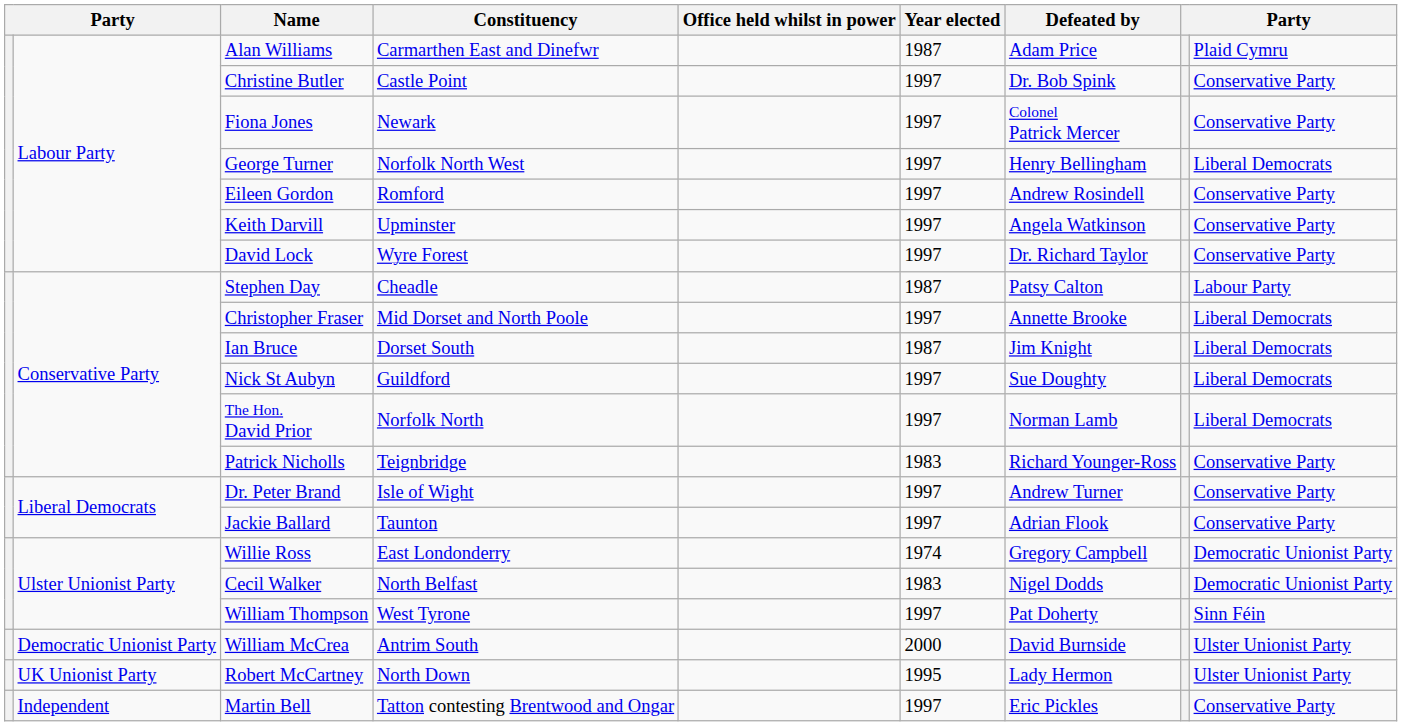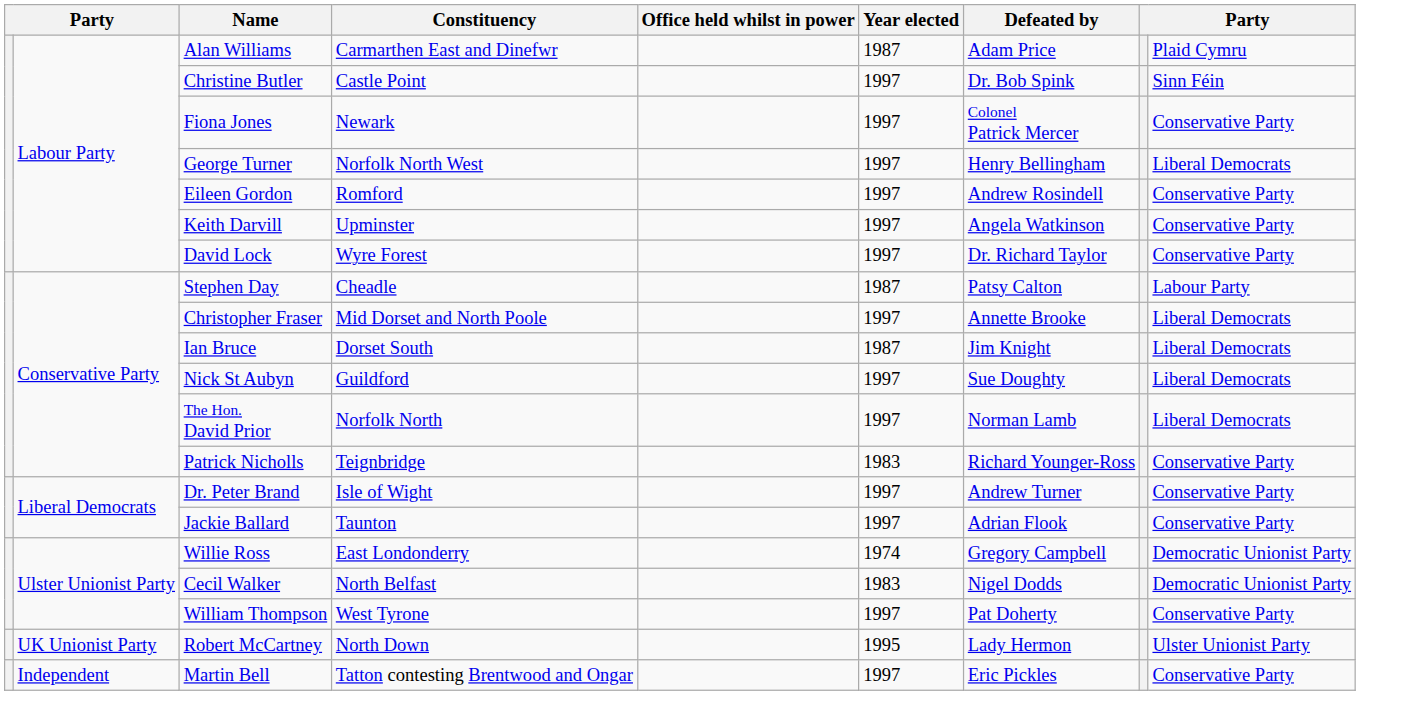 <table class="wikitable sortable" style="font-size: 95%;">
 <tr>
 <th colspan=2>Party</th>
 <th>Name</th>
 <th>Constituency</th>
 <th>Office held whilst in power</th>
 <th>Year elected</th>
 <th>Defeated by</th>
 <th colspan=2>Party</th>
 </tr>
 <tr>
 <th rowspan=7 style="background-color: "></th>
 <td rowspan=7><a href='#'>Labour Party</a></td>
 <td><a href='#'>Alan Williams</a></td>
 <td><a href='#'>Carmarthen East and Dinefwr</a></td>
 <td></td>
 <td>1987</td>
 <td><a href='#'>Adam Price</a></td>
 <th rowspan=1 style="background-color: "></th>
 <td><a href='#'>Plaid Cymru</a></td>
 </tr>
 <tr>
 <td><a href='#'>Christine Butler</a></td>
 <td><a href='#'>Castle Point</a></td>
 <td></td>
 <td>1997</td>
 <td><a href='#'>Dr. Bob Spink</a></td>
 <th rowspan=1 style="background-color: "></th>
-<td><a href='#'>Conservative Party</a></td>
+<td><a href='#'>Sinn Féin</a></td>
 </tr>
 <tr>
 <td><a href='#'>Fiona Jones</a></td>
 <td><a href='#'>Newark</a></td>
 <td></td>
 <td>1997</td>
 <td><small><a href='#'>Colonel</a></small><br> <a href='#'>Patrick Mercer</a></td>
 <th rowspan=1 style="background-color: "></th>
 <td><a href='#'>Conservative Party</a></td>
 </tr>
 <tr>
 <td><a href='#'>George Turner</a></td>
 <td><a href='#'>Norfolk North West</a></td>
 <td></td>
 <td>1997</td>
 <td><a href='#'>Henry Bellingham</a></td>
 <th rowspan=1 style="background-color: "></th>
 <td><a href='#'>Liberal Democrats</a></td>
 </tr>
 <tr>
 <td><a href='#'>Eileen Gordon</a></td>
 <td><a href='#'>Romford</a></td>
 <td></td>
 <td>1997</td>
 <td><a href='#'>Andrew Rosindell</a></td>
 <th rowspan=1 style="background-color: "></th>
 <td><a href='#'>Conservative Party</a></td>
 </tr>
 <tr>
 <td><a href='#'>Keith Darvill</a></td>
 <td><a href='#'>Upminster</a></td>
 <td></td>
 <td>1997</td>
 <td><a href='#'>Angela Watkinson</a></td>
 <th rowspan=1 style="background-color: "></th>
 <td><a href='#'>Conservative Party</a></td>
 </tr>
 <tr>
 <td><a href='#'>David Lock</a></td>
 <td><a href='#'>Wyre Forest</a></td>
 <td></td>
 <td>1997</td>
 <td><a href='#'>Dr. Richard Taylor</a></td>
 <th rowspan=1 style="background-color: "></th>
 <td><a href='#'>Conservative Party</a></td>
 </tr>
 <tr>
 <th rowspan=6 style="background-color: "></th>
 <td rowspan=6><a href='#'>Conservative Party</a></td>
 <td><a href='#'>Stephen Day</a></td>
 <td><a href='#'>Cheadle</a></td>
 <td></td>
 <td>1987</td>
 <td><a href='#'>Patsy Calton</a></td>
 <th rowspan=1 style="background-color: "></th>
 <td><a href='#'>Labour Party</a></td>
 </tr>
 <tr>
 <td><a href='#'>Christopher Fraser</a></td>
 <td><a href='#'>Mid Dorset and North Poole</a></td>
 <td></td>
 <td>1997</td>
 <td><a href='#'>Annette Brooke</a></td>
 <th rowspan=1 style="background-color: "></th>
 <td><a href='#'>Liberal Democrats</a></td>
 </tr>
 <tr>
 <td><a href='#'>Ian Bruce</a></td>
 <td><a href='#'>Dorset South</a></td>
 <td></td>
 <td>1987</td>
 <td><a href='#'>Jim Knight</a></td>
 <th rowspan=1 style="background-color: "></th>
 <td><a href='#'>Liberal Democrats</a></td>
 </tr>
 <tr>
 <td><a href='#'>Nick St Aubyn</a></td>
 <td><a href='#'>Guildford</a></td>
 <td></td>
 <td>1997</td>
 <td><a href='#'>Sue Doughty</a></td>
 <th rowspan=1 style="background-color: "></th>
 <td><a href='#'>Liberal Democrats</a></td>
 </tr>
 <tr>
 <td><small><a href='#'>The Hon.</a></small><br> <a href='#'>David Prior</a></td>
 <td><a href='#'>Norfolk North</a></td>
 <td></td>
 <td>1997</td>
 <td><a href='#'>Norman Lamb</a></td>
 <th rowspan=1 style="background-color: "></th>
 <td><a href='#'>Liberal Democrats</a></td>
 </tr>
 <tr>
 <td><a href='#'>Patrick Nicholls</a></td>
 <td><a href='#'>Teignbridge</a></td>
 <td></td>
 <td>1983</td>
 <td><a href='#'>Richard Younger-Ross</a></td>
 <th rowspan=1 style="background-color: "></th>
 <td><a href='#'>Conservative Party</a></td>
 </tr>
 <tr>
 <th rowspan=2 style="background-color: "></th>
 <td rowspan=2><a href='#'>Liberal Democrats</a></td>
 <td><a href='#'>Dr. Peter Brand</a></td>
 <td><a href='#'>Isle of Wight</a></td>
 <td></td>
 <td>1997</td>
 <td><a href='#'>Andrew Turner</a></td>
 <th rowspan=1 style="background-color: "></th>
 <td><a href='#'>Conservative Party</a></td>
 </tr>
 <tr>
 <td><a href='#'>Jackie Ballard</a></td>
 <td><a href='#'>Taunton</a></td>
 <td></td>
 <td>1997</td>
 <td><a href='#'>Adrian Flook</a></td>
 <th rowspan=1 style="background-color: "></th>
 <td><a href='#'>Conservative Party</a></td>
 </tr>
 <tr>
 <th rowspan=3 style="background-color: "></th>
 <td rowspan=3><a href='#'>Ulster Unionist Party</a></td>
 <td><a href='#'>Willie Ross</a></td>
 <td><a href='#'>East Londonderry</a></td>
 <td></td>
 <td>1974</td>
 <td><a href='#'>Gregory Campbell</a></td>
 <th rowspan=1 style="background-color: "></th>
 <td><a href='#'>Democratic Unionist Party</a></td>
 </tr>
 <tr>
 <td><a href='#'>Cecil Walker</a></td>
 <td><a href='#'>North Belfast</a></td>
 <td></td>
 <td>1983</td>
 <td><a href='#'>Nigel Dodds</a></td>
 <th rowspan=1 style="background-color: "></th>
 <td><a href='#'>Democratic Unionist Party</a></td>
 </tr>
 <tr>
 <td><a href='#'>William Thompson</a></td>
 <td><a href='#'>West Tyrone</a></td>
 <td></td>
 <td>1997</td>
 <td><a href='#'>Pat Doherty</a></td>
 <th rowspan=1 style="background-color: "></th>
-<td><a href='#'>Sinn Féin</a></td>
-</tr>
-<tr>
-<th rowspan=1 style="background-color: "></th>
-<td><a href='#'>Democratic Unionist Party</a></td>
-<td><a href='#'>William McCrea</a></td>
-<td><a href='#'>Antrim South</a></td>
-<td></td>
-<td>2000</td>
-<td><a href='#'>David Burnside</a></td>
-<th rowspan=1 style="background-color: "></th>
-<td><a href='#'>Ulster Unionist Party</a></td>
+<td><a href='#'>Conservative Party</a></td>
 </tr>
 <tr>
 <th rowspan=1 style="background-color: "></th>
 <td><a href='#'>UK Unionist Party</a></td>
 <td><a href='#'>Robert McCartney</a></td>
 <td><a href='#'>North Down</a></td>
 <td></td>
 <td>1995</td>
 <td><a href='#'>Lady Hermon</a></td>
 <th rowspan=1 style="background-color: "></th>
 <td><a href='#'>Ulster Unionist Party</a></td>
 </tr>
 <tr>
 <th rowspan=1 style="background-color: "></th>
 <td><a href='#'>Independent</a></td>
 <td><a href='#'>Martin Bell</a></td>
 <td><a href='#'>Tatton</a> contesting <a href='#'>Brentwood and Ongar</a></td>
 <td></td>
 <td>1997</td>
 <td><a href='#'>Eric Pickles</a></td>
 <th rowspan=1 style="background-color: "></th>
 <td><a href='#'>Conservative Party</a></td>
 </tr>
 </table>
